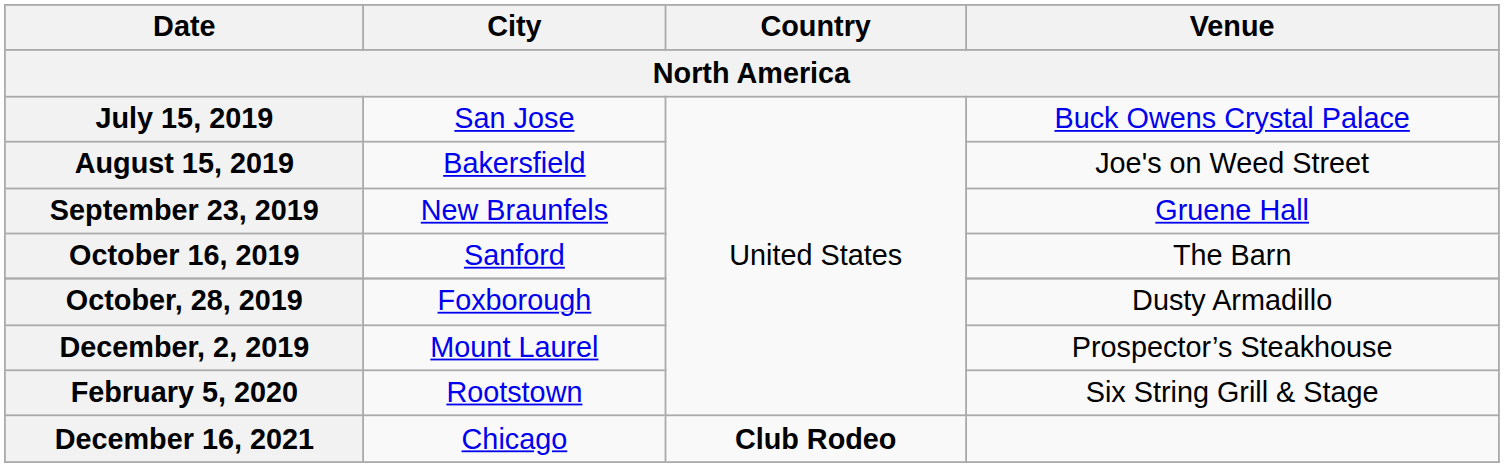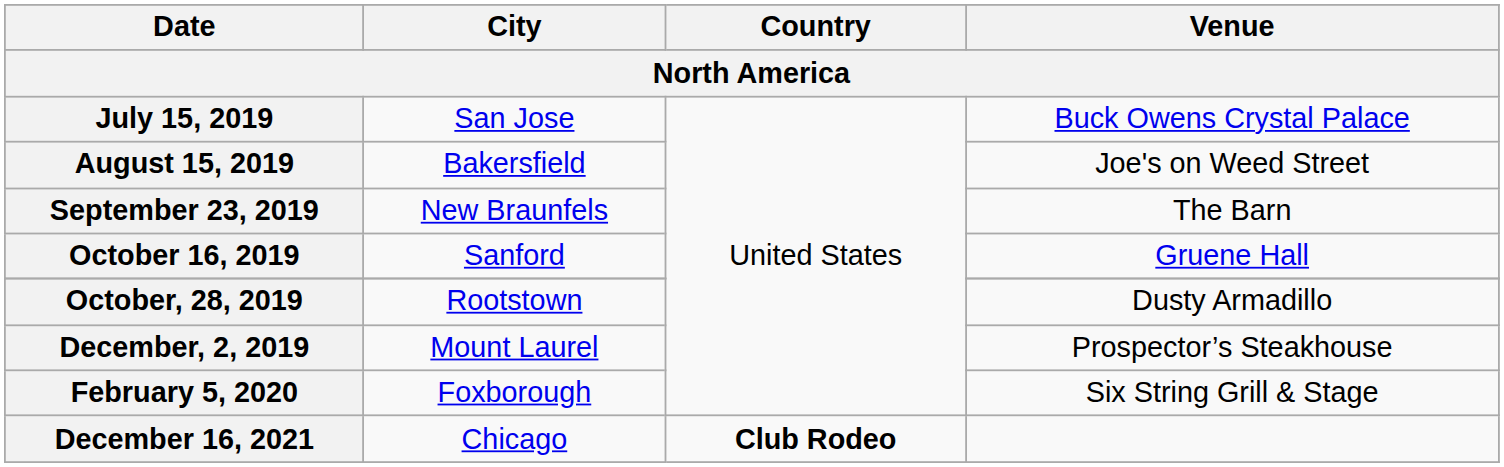 <table class="wikitable plainrowheaders" style="text-align:center;">
 <tr>
 <th scope="col" style="width:12em;">Date</th>
 <th scope="col" style="width:10em;">City</th>
 <th scope="col" style="width:10em;">Country</th>
 <th scope="col" style="width:18em;">Venue</th>
 </tr>
 <tr>
 <th colspan="5">North America</th>
 </tr>
 <tr>
 <th scope="row" style="text-align:center">July 15, 2019</th>
 <td><a href='#'>San Jose</a></td>
 <td rowspan="8">United States</td>
 <td><a href='#'>Buck Owens Crystal Palace</a></td>
 </tr>
 <tr>
 <th scope="row" style="text-align:center">August 15, 2019</th>
 <td><a href='#'>Bakersfield</a></td>
 <td>Joe's on Weed Street</td>
 </tr>
 <tr>
 <th scope="row" style="text-align:center">September 23, 2019</th>
 <td><a href='#'>New Braunfels</a></td>
-<td><a href='#'>Gruene Hall</a></td>
+<td>The Barn</td>
 </tr>
 <tr>
 <th scope="row" style="text-align:center">October 16, 2019</th>
 <td><a href='#'>Sanford</a></td>
-<td>The Barn</td>
+<td><a href='#'>Gruene Hall</a></td>
 </tr>
 <tr>
 </tr>
 <tr>
 <th scope="row" style="text-align:center">October, 28, 2019</th>
-<td><a href='#'>Foxborough</a></td>
+<td><a href='#'>Rootstown</a></td>
 <td>Dusty Armadillo</td>
 </tr>
 <tr>
 <th scope="row" style="text-align:center">December, 2, 2019</th>
 <td><a href='#'>Mount Laurel</a></td>
 <td>Prospector’s Steakhouse</td>
 </tr>
 <tr>
 <th scope="row" style="text-align:center">February 5, 2020</th>
-<td><a href='#'>Rootstown</a></td>
+<td><a href='#'>Foxborough</a></td>
 <td>Six String Grill & Stage</td>
 </tr>
 <tr>
 <th scope="row" style="text-align:center">December 16, 2021</th>
 <td><a href='#'>Chicago</a></td>
 <td><strong>Club Rodeo</strong></td>
 </tr>
 </table>
